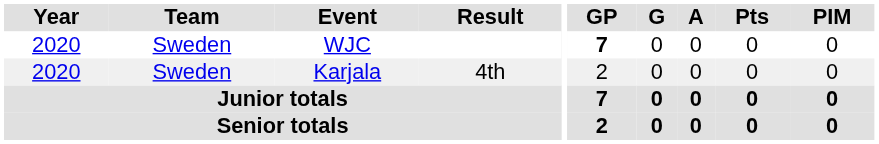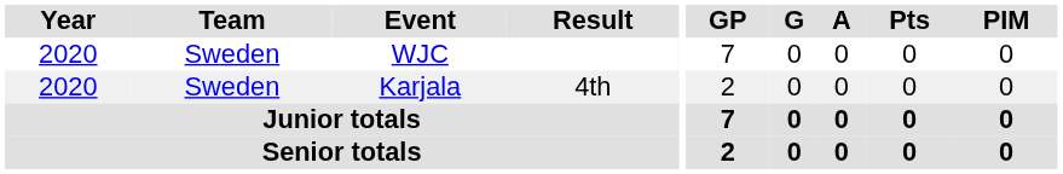 <table border="0" cellpadding="1" cellspacing="0" ID="Table3" style="text-align:center; width:40em">
 <tr ALIGN="center" bgcolor="#e0e0e0">
 <th>Year</th>
 <th>Team</th>
 <th>Event</th>
 <th>Result</th>
 <th rowspan="99" bgcolor="#ffffff"></th>
 <th>GP</th>
 <th>G</th>
 <th>A</th>
 <th>Pts</th>
 <th>PIM</th>
 </tr>
 <tr>
 <td><a href='#'>2020</a></td>
 <td><a href='#'>Sweden</a></td>
 <td><a href='#'>WJC</a></td>
 <td></td>
-<td><strong>7</strong></td>
+<td>7</td>
 <td>0</td>
 <td>0</td>
 <td>0</td>
 <td>0</td>
 </tr>
 <tr bgcolor="#f0f0f0">
 <td><a href='#'>2020</a></td>
 <td><a href='#'>Sweden</a></td>
 <td><a href='#'>Karjala</a></td>
 <td>4th</td>
 <td>2</td>
 <td>0</td>
 <td>0</td>
 <td>0</td>
 <td>0</td>
 </tr>
 <tr style="background:#e0e0e0;">
 <th colspan="4">Junior totals</th>
 <th>7</th>
 <th>0</th>
 <th>0</th>
 <th>0</th>
 <th>0</th>
 </tr>
 <tr style="background:#e0e0e0;">
 <th colspan="4">Senior totals</th>
 <th>2</th>
 <th>0</th>
 <th>0</th>
 <th>0</th>
 <th>0</th>
 </tr>
 </table>
